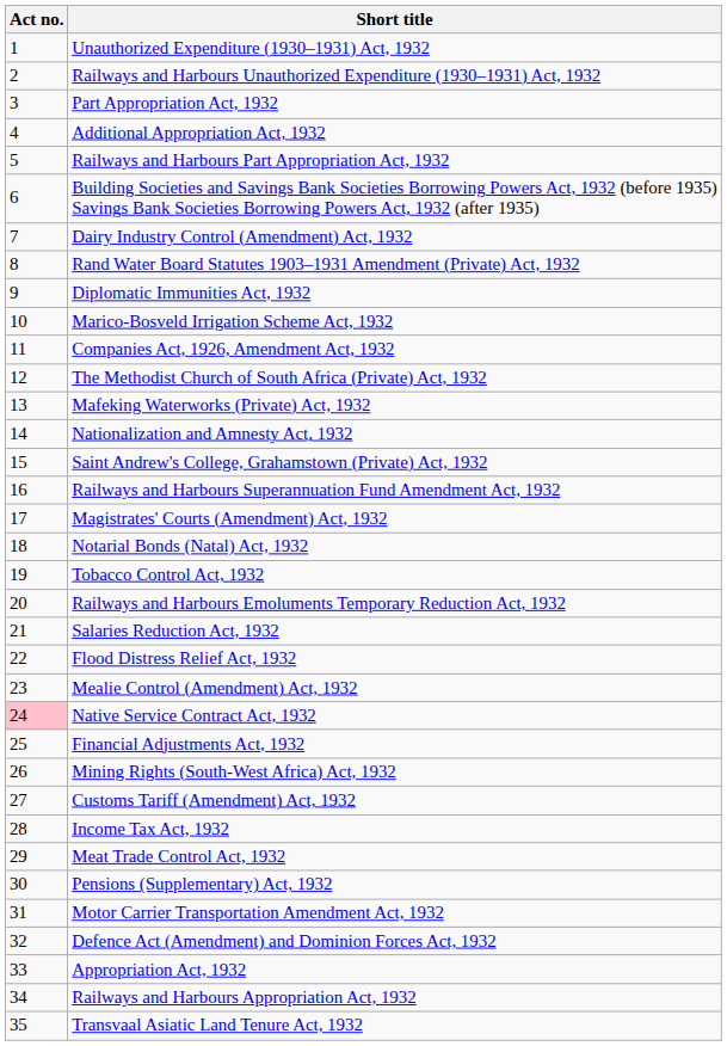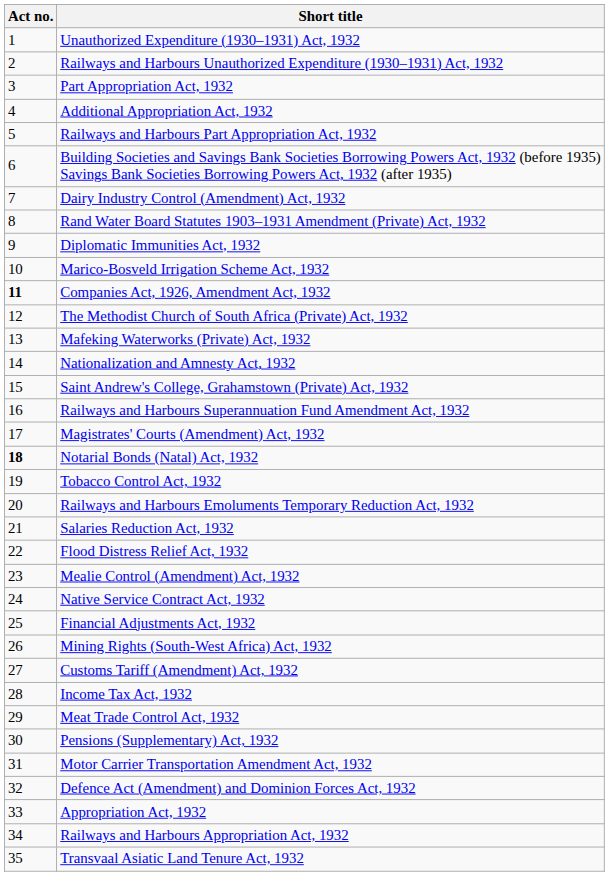 <table class="wikitable sortable">
 <tr>
 <th>Act no.</th>
 <th>Short title</th>
 </tr>
 <tr>
 <td>1</td>
 <td><a href='#'>Unauthorized Expenditure (1930–1931) Act, 1932</a></td>
 </tr>
 <tr>
 <td>2</td>
 <td><a href='#'>Railways and Harbours Unauthorized Expenditure (1930–1931) Act, 1932</a></td>
 </tr>
 <tr>
 <td>3</td>
 <td><a href='#'>Part Appropriation Act, 1932</a></td>
 </tr>
 <tr>
 <td>4</td>
 <td><a href='#'>Additional Appropriation Act, 1932</a></td>
 </tr>
 <tr>
 <td>5</td>
 <td><a href='#'>Railways and Harbours Part Appropriation Act, 1932</a></td>
 </tr>
 <tr>
 <td>6</td>
 <td><a href='#'>Building Societies and Savings Bank Societies Borrowing Powers Act, 1932</a> (before 1935) <br><a href='#'>Savings Bank Societies Borrowing Powers Act, 1932</a> (after 1935)</td>
 </tr>
 <tr>
 <td>7</td>
 <td><a href='#'>Dairy Industry Control (Amendment) Act, 1932</a></td>
 </tr>
 <tr>
 <td>8</td>
 <td><a href='#'>Rand Water Board Statutes 1903–1931 Amendment (Private) Act, 1932</a></td>
 </tr>
 <tr>
 <td>9</td>
 <td><a href='#'>Diplomatic Immunities Act, 1932</a></td>
 </tr>
 <tr>
 <td>10</td>
 <td><a href='#'>Marico-Bosveld Irrigation Scheme Act, 1932</a></td>
 </tr>
 <tr>
-<td>11</td>
+<td><strong>11</strong></td>
 <td><a href='#'>Companies Act, 1926, Amendment Act, 1932</a></td>
 </tr>
 <tr>
 <td>12</td>
 <td><a href='#'>The Methodist Church of South Africa (Private) Act, 1932</a></td>
 </tr>
 <tr>
 <td>13</td>
 <td><a href='#'>Mafeking Waterworks (Private) Act, 1932</a></td>
 </tr>
 <tr>
 <td>14</td>
 <td><a href='#'>Nationalization and Amnesty Act, 1932</a></td>
 </tr>
 <tr>
 <td>15</td>
 <td><a href='#'>Saint Andrew's College, Grahamstown (Private) Act, 1932</a></td>
 </tr>
 <tr>
 <td>16</td>
 <td><a href='#'>Railways and Harbours Superannuation Fund Amendment Act, 1932</a></td>
 </tr>
 <tr>
 <td>17</td>
 <td><a href='#'>Magistrates' Courts (Amendment) Act, 1932</a></td>
 </tr>
 <tr>
-<td>18</td>
+<td><strong>18</strong></td>
 <td><a href='#'>Notarial Bonds (Natal) Act, 1932</a></td>
 </tr>
 <tr>
 <td>19</td>
 <td><a href='#'>Tobacco Control Act, 1932</a></td>
 </tr>
 <tr>
 <td>20</td>
 <td><a href='#'>Railways and Harbours Emoluments Temporary Reduction Act, 1932</a></td>
 </tr>
 <tr>
 <td>21</td>
 <td><a href='#'>Salaries Reduction Act, 1932</a></td>
 </tr>
 <tr>
 <td>22</td>
 <td><a href='#'>Flood Distress Relief Act, 1932</a></td>
 </tr>
 <tr>
 <td>23</td>
 <td><a href='#'>Mealie Control (Amendment) Act, 1932</a></td>
 </tr>
 <tr>
-<td style="background: pink;">24</td>
+<td>24</td>
 <td><a href='#'>Native Service Contract Act, 1932</a></td>
 </tr>
 <tr>
 <td>25</td>
 <td><a href='#'>Financial Adjustments Act, 1932</a></td>
 </tr>
 <tr>
 <td>26</td>
 <td><a href='#'>Mining Rights (South-West Africa) Act, 1932</a></td>
 </tr>
 <tr>
 <td>27</td>
 <td><a href='#'>Customs Tariff (Amendment) Act, 1932</a></td>
 </tr>
 <tr>
 <td>28</td>
 <td><a href='#'>Income Tax Act, 1932</a></td>
 </tr>
 <tr>
 <td>29</td>
 <td><a href='#'>Meat Trade Control Act, 1932</a></td>
 </tr>
 <tr>
 <td>30</td>
 <td><a href='#'>Pensions (Supplementary) Act, 1932</a></td>
 </tr>
 <tr>
 <td>31</td>
 <td><a href='#'>Motor Carrier Transportation Amendment Act, 1932</a></td>
 </tr>
 <tr>
 <td>32</td>
 <td><a href='#'>Defence Act (Amendment) and Dominion Forces Act, 1932</a></td>
 </tr>
 <tr>
 <td>33</td>
 <td><a href='#'>Appropriation Act, 1932</a></td>
 </tr>
 <tr>
 <td>34</td>
 <td><a href='#'>Railways and Harbours Appropriation Act, 1932</a></td>
 </tr>
 <tr>
 <td>35</td>
 <td><a href='#'>Transvaal Asiatic Land Tenure Act, 1932</a></td>
 </tr>
 </table>
